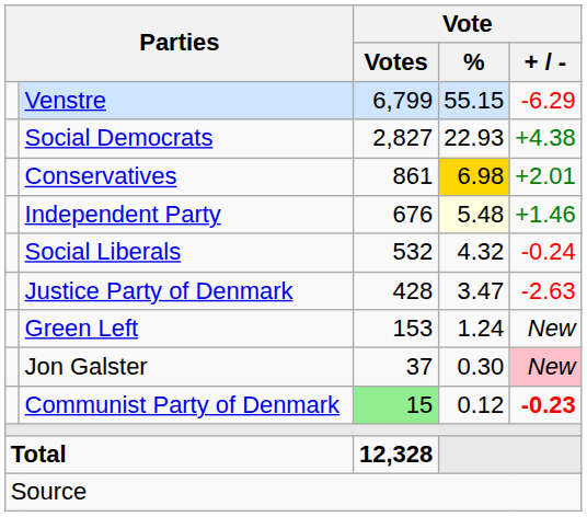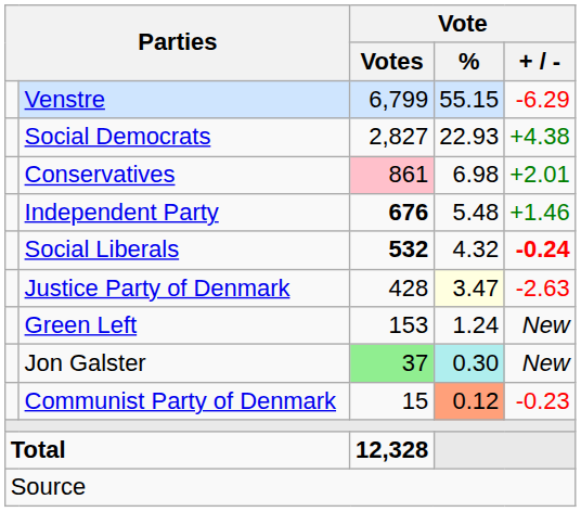 <table class="wikitable" style="text-align:right;">
 <tr>
 <th style="text-align:centre;" rowspan="2" colspan="2" width="225">Parties</th>
 <th colspan="3">Vote</th>
 </tr>
 <tr>
 <th width="15">Votes</th>
 <th width="15">%</th>
 <th width="15">+ / -</th>
 </tr>
 <tr>
 <td width="2" style="color:inherit;background:"></td>
 <td bgcolor=#cfe5fe  align="left"><a href='#'>Venstre</a></td>
 <td bgcolor=#cfe5fe>6,799</td>
 <td bgcolor=#cfe5fe>55.15</td>
 <td style=color:red;>-6.29</td>
 </tr>
 <tr>
 <td width="2" style="color:inherit;background:"></td>
 <td align="left"><a href='#'>Social Democrats</a></td>
 <td>2,827</td>
 <td>22.93</td>
 <td style=color:green;>+4.38</td>
 </tr>
 <tr>
 <td width="2" style="color:inherit;background:"></td>
 <td align="left"><a href='#'>Conservatives</a></td>
-<td>861</td>
-<td style="background: gold;">6.98</td>
+<td style="background: pink;">861</td>
+<td>6.98</td>
 <td style=color:green;>+2.01</td>
 </tr>
 <tr>
 <td width="2" style="color:inherit;background:"></td>
 <td align="left"><a href='#'>Independent Party</a></td>
-<td>676</td>
-<td style="background: lightyellow;">5.48</td>
+<td><strong>676</strong></td>
+<td>5.48</td>
 <td style=color:green;>+1.46</td>
 </tr>
 <tr>
 <td width="2" style="color:inherit;background:"></td>
 <td align="left"><a href='#'>Social Liberals</a></td>
-<td>532</td>
+<td><strong>532</strong></td>
 <td>4.32</td>
-<td style=color:red;>-0.24</td>
+<td style=color:red;><strong>-0.24</strong></td>
 </tr>
 <tr>
 <td width="2" style="color:inherit;background:"></td>
 <td align="left"><a href='#'>Justice Party of Denmark</a></td>
 <td>428</td>
-<td>3.47</td>
+<td style="background: lightyellow;">3.47</td>
 <td style=color:red;>-2.63</td>
 </tr>
 <tr>
 <td width="2" style="color:inherit;background:"></td>
 <td align="left"><a href='#'>Green Left</a></td>
 <td>153</td>
 <td>1.24</td>
 <td><em>New</em></td>
 </tr>
 <tr>
 <td width="2" style="color:inherit;background:"></td>
 <td align="left">Jon Galster</td>
-<td>37</td>
-<td>0.30</td>
-<td style="background: pink;"><em>New</em></td>
+<td style="background: lightgreen;">37</td>
+<td style="background: paleturquoise;">0.30</td>
+<td><em>New</em></td>
 </tr>
 <tr>
 <td width="2" style="color:inherit;background:"></td>
 <td align="left"><a href='#'>Communist Party of Denmark</a></td>
-<td style="background: lightgreen;">15</td>
-<td>0.12</td>
-<td style=color:red;><strong>-0.23</strong></td>
+<td>15</td>
+<td style="background: lightsalmon;">0.12</td>
+<td style=color:red;>-0.23</td>
 </tr>
 <tr>
 <td colspan="7" bgcolor="#E9E9E9"></td>
 </tr>
 <tr>
 <td align="left" colspan="2"><strong>Total</strong></td>
 <td><strong>12,328</strong></td>
 <td bgcolor="#E9E9E9" colspan="2"></td>
 </tr>
 <tr>
 <td align="left" colspan="6">Source</td>
 </tr>
 </table>
